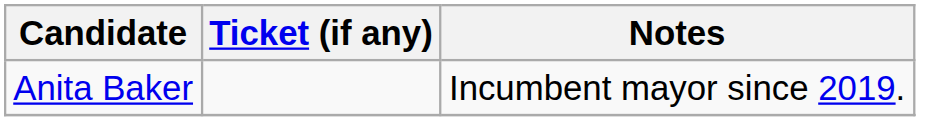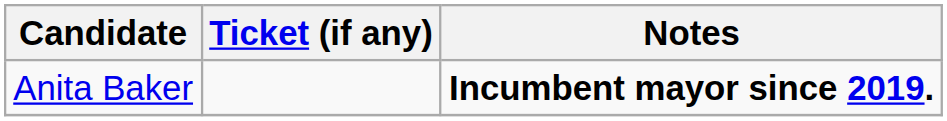 <table class="wikitable" style="font-size: 95%">
 <tr>
 <th>Candidate</th>
 <th><a href='#'>Ticket</a> (if any)</th>
 <th>Notes</th>
 </tr>
 <tr>
 <td><a href='#'>Anita Baker</a></td>
 <td></td>
-<td>Incumbent mayor since <a href='#'>2019</a>.</td>
+<td><strong>Incumbent mayor since <a href='#'>2019</a>.</strong></td>
 </tr>
 <tr>
 </tr>
 </table>
